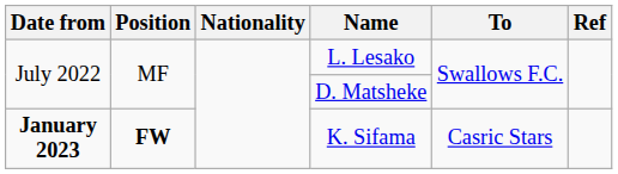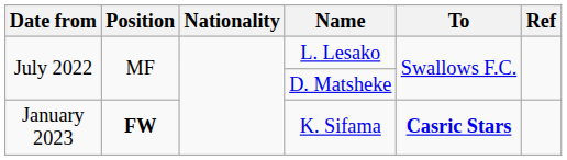 <table class="wikitable" style="text-align:center;">
 <tr>
 <th>Date from</th>
 <th>Position</th>
 <th>Nationality</th>
 <th>Name</th>
 <th>To</th>
 <th>Ref</th>
 </tr>
 <tr>
 <td rowspan="2">July 2022</td>
 <td rowspan="2">MF</td>
 <td rowspan="3"></td>
 <td><a href='#'>L. Lesako</a></td>
 <td rowspan="2"><a href='#'>Swallows F.C.</a></td>
 <td rowspan="2"></td>
 </tr>
 <tr>
 <td><a href='#'>D. Matsheke</a></td>
 </tr>
 <tr>
-<td><strong>January<br>2023</strong></td>
+<td>January<br>2023</td>
 <td><strong>FW</strong></td>
 <td><a href='#'>K. Sifama</a></td>
-<td><a href='#'>Casric Stars</a></td>
+<td><strong><a href='#'>Casric Stars</a></strong></td>
 <td></td>
 </tr>
 </table>
